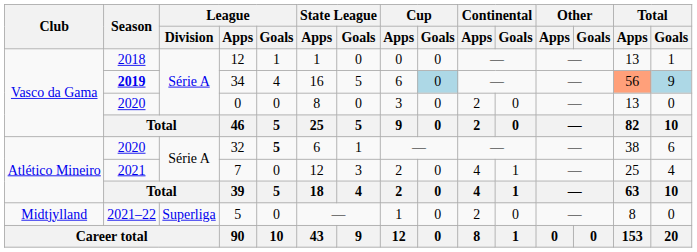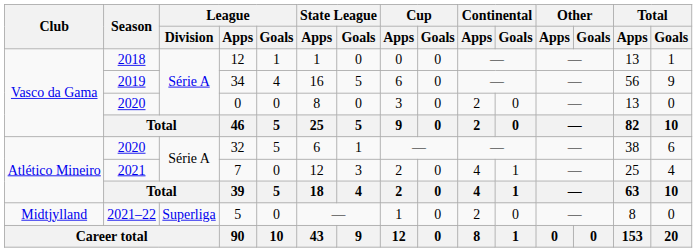 <table class="wikitable" style="text-align: center;">
 <tr>
 <th rowspan="2">Club</th>
 <th rowspan="2">Season</th>
 <th colspan="3">League</th>
 <th colspan="2">State League</th>
 <th colspan="2">Cup</th>
 <th colspan="2">Continental</th>
 <th colspan="2">Other</th>
 <th colspan="2">Total</th>
 </tr>
 <tr>
 <th>Division</th>
 <th>Apps</th>
 <th>Goals</th>
 <th>Apps</th>
 <th>Goals</th>
 <th>Apps</th>
 <th>Goals</th>
 <th>Apps</th>
 <th>Goals</th>
 <th>Apps</th>
 <th>Goals</th>
 <th>Apps</th>
 <th>Goals</th>
 </tr>
 <tr>
 <td rowspan="4"><a href='#'>Vasco da Gama</a></td>
 <td><a href='#'>2018</a></td>
 <td rowspan="3"><a href='#'>Série A</a></td>
 <td>12</td>
 <td>1</td>
 <td>1</td>
 <td>0</td>
 <td>0</td>
 <td>0</td>
 <td colspan="2">—</td>
 <td colspan="2">—</td>
 <td>13</td>
 <td>1</td>
 </tr>
 <tr>
-<td><strong><a href='#'>2019</a></strong></td>
+<td><a href='#'>2019</a></td>
 <td>34</td>
 <td>4</td>
 <td>16</td>
 <td>5</td>
 <td>6</td>
-<td style="background: lightblue;">0</td>
+<td>0</td>
 <td colspan="2">—</td>
 <td colspan="2">—</td>
-<td style="background: lightsalmon;">56</td>
-<td style="background: lightblue;">9</td>
+<td>56</td>
+<td>9</td>
 </tr>
 <tr>
 <td><a href='#'>2020</a></td>
 <td>0</td>
 <td>0</td>
 <td>8</td>
 <td>0</td>
 <td>3</td>
 <td>0</td>
 <td>2</td>
 <td>0</td>
 <td colspan="2">—</td>
 <td>13</td>
 <td>0</td>
 </tr>
 <tr>
 <th colspan="2">Total</th>
 <th>46</th>
 <th>5</th>
 <th>25</th>
 <th>5</th>
 <th>9</th>
 <th>0</th>
 <th>2</th>
 <th>0</th>
 <th colspan="2">—</th>
 <th>82</th>
 <th>10</th>
 </tr>
 <tr>
 <td rowspan="3"><a href='#'>Atlético Mineiro</a></td>
 <td><a href='#'>2020</a></td>
 <td rowspan="2">Série A</td>
 <td>32</td>
-<td><strong>5</strong></td>
+<td>5</td>
 <td>6</td>
 <td>1</td>
 <td colspan="2">—</td>
 <td colspan="2">—</td>
 <td colspan="2">—</td>
 <td>38</td>
 <td>6</td>
 </tr>
 <tr>
 <td><a href='#'>2021</a></td>
 <td>7</td>
 <td>0</td>
 <td>12</td>
 <td>3</td>
 <td>2</td>
 <td>0</td>
 <td>4</td>
 <td>1</td>
 <td colspan="2">—</td>
 <td>25</td>
 <td>4</td>
 </tr>
 <tr>
 <th colspan="2">Total</th>
 <th>39</th>
 <th>5</th>
 <th>18</th>
 <th>4</th>
 <th>2</th>
 <th>0</th>
 <th>4</th>
 <th>1</th>
 <th colspan="2">—</th>
 <th>63</th>
 <th>10</th>
 </tr>
 <tr>
 <td><a href='#'>Midtjylland</a></td>
 <td><a href='#'>2021–22</a></td>
 <td><a href='#'>Superliga</a></td>
 <td>5</td>
 <td>0</td>
 <td colspan="2">—</td>
 <td>1</td>
 <td>0</td>
 <td>2</td>
 <td>0</td>
 <td colspan="2">—</td>
 <td>8</td>
 <td>0</td>
 </tr>
 <tr>
 <th colspan="3">Career total</th>
 <th>90</th>
 <th>10</th>
 <th>43</th>
 <th>9</th>
 <th>12</th>
 <th>0</th>
 <th>8</th>
 <th>1</th>
 <th>0</th>
 <th>0</th>
 <th>153</th>
 <th>20</th>
 </tr>
 </table>
